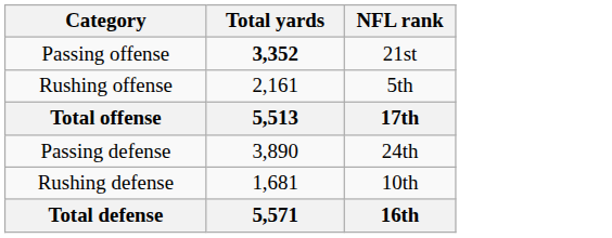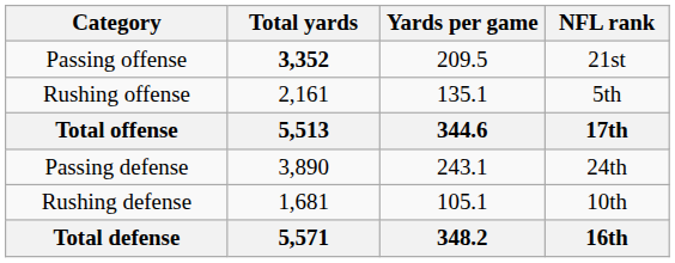 <table class="wikitable" style="text-align:center">
 <tr>
 <th width="150">Category</th>
 <th width="100">Total yards</th>
+<th width="110">Yards per game</th>
 <th width="80">NFL rank<br></th>
 </tr>
 <tr>
 <td>Passing offense</td>
 <td><strong>3,352</strong></td>
+<td>209.5</td>
 <td>21st</td>
 </tr>
 <tr>
 <td>Rushing offense</td>
 <td>2,161</td>
+<td>135.1</td>
 <td>5th</td>
 </tr>
 <tr>
 <th>Total offense</th>
 <th>5,513</th>
+<th>344.6</th>
 <th>17th</th>
 </tr>
 <tr>
 <td>Passing defense</td>
 <td>3,890</td>
+<td>243.1</td>
 <td>24th</td>
 </tr>
 <tr>
 <td>Rushing defense</td>
 <td>1,681</td>
+<td>105.1</td>
 <td>10th</td>
 </tr>
 <tr>
 <th>Total defense</th>
 <th>5,571</th>
+<th>348.2</th>
 <th>16th</th>
 </tr>
 </table>
